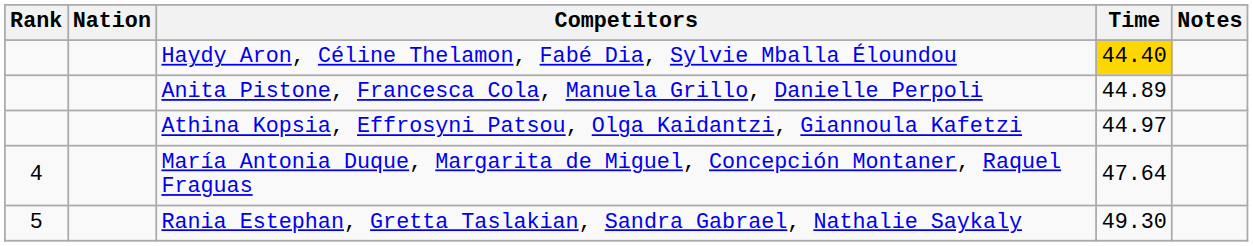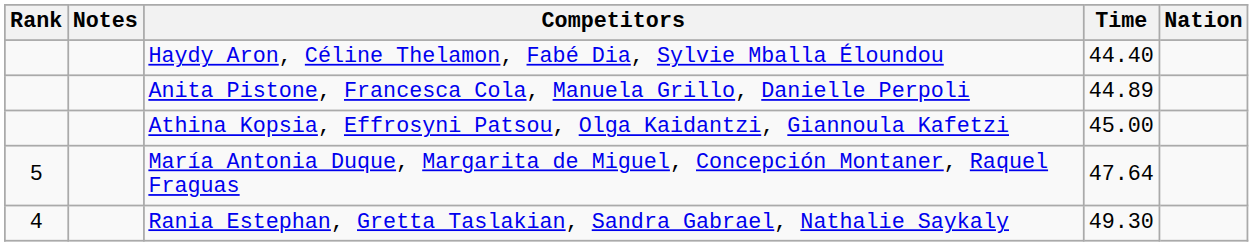 <table class="wikitable sortable" width=80% style="text-align:center; font-size:95%">
 <tr>
 <th>Rank</th>
-<th>Nation</th>
+<th>Notes</th>
 <th>Competitors</th>
 <th>Time</th>
-<th>Notes</th>
+<th>Nation</th>
 </tr>
 <tr>
 <td></td>
+<td></td>
+<td align=left><a href='#'>Haydy Aron</a>, <a href='#'>Céline Thelamon</a>, <a href='#'>Fabé Dia</a>, <a href='#'>Sylvie Mballa Éloundou</a></td>
+<td>44.40</td>
 <td align=left></td>
-<td align=left><a href='#'>Haydy Aron</a>, <a href='#'>Céline Thelamon</a>, <a href='#'>Fabé Dia</a>, <a href='#'>Sylvie Mballa Éloundou</a></td>
-<td style="background: gold;">44.40</td>
-<td></td>
 </tr>
 <tr>
 <td></td>
-<td align=left></td>
+<td></td>
 <td align=left><a href='#'>Anita Pistone</a>, <a href='#'>Francesca Cola</a>, <a href='#'>Manuela Grillo</a>, <a href='#'>Danielle Perpoli</a></td>
 <td>44.89</td>
-<td></td>
+<td align=left></td>
 </tr>
 <tr>
 <td></td>
+<td></td>
+<td align=left><a href='#'>Athina Kopsia</a>, <a href='#'>Effrosyni Patsou</a>, <a href='#'>Olga Kaidantzi</a>, <a href='#'>Giannoula Kafetzi</a></td>
+<td>45.00</td>
 <td align=left></td>
-<td align=left><a href='#'>Athina Kopsia</a>, <a href='#'>Effrosyni Patsou</a>, <a href='#'>Olga Kaidantzi</a>, <a href='#'>Giannoula Kafetzi</a></td>
-<td>44.97</td>
+</tr>
+<tr>
+<td>5</td>
 <td></td>
+<td align=left><a href='#'>María Antonia Duque</a>, <a href='#'>Margarita de Miguel</a>, <a href='#'>Concepción Montaner</a>, <a href='#'>Raquel Fraguas</a></td>
+<td>47.64</td>
+<td align=left></td>
 </tr>
 <tr>
 <td>4</td>
-<td align=left></td>
-<td align=left><a href='#'>María Antonia Duque</a>, <a href='#'>Margarita de Miguel</a>, <a href='#'>Concepción Montaner</a>, <a href='#'>Raquel Fraguas</a></td>
-<td>47.64</td>
 <td></td>
-</tr>
-<tr>
-<td>5</td>
-<td align=left></td>
 <td align=left><a href='#'>Rania Estephan</a>, <a href='#'>Gretta Taslakian</a>, <a href='#'>Sandra Gabrael</a>, <a href='#'>Nathalie Saykaly</a></td>
 <td>49.30</td>
-<td></td>
+<td align=left></td>
 </tr>
 </table>
